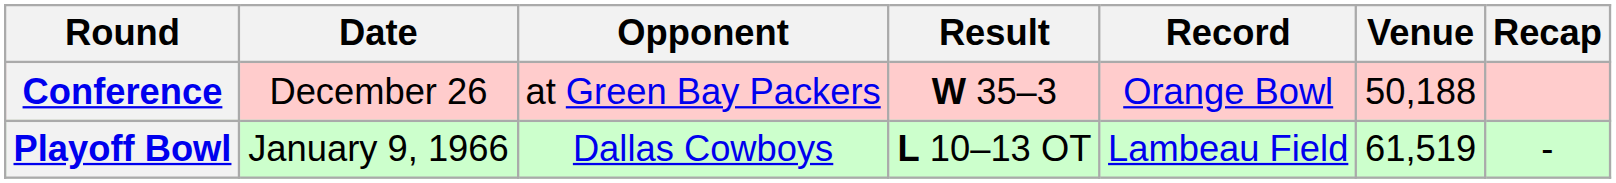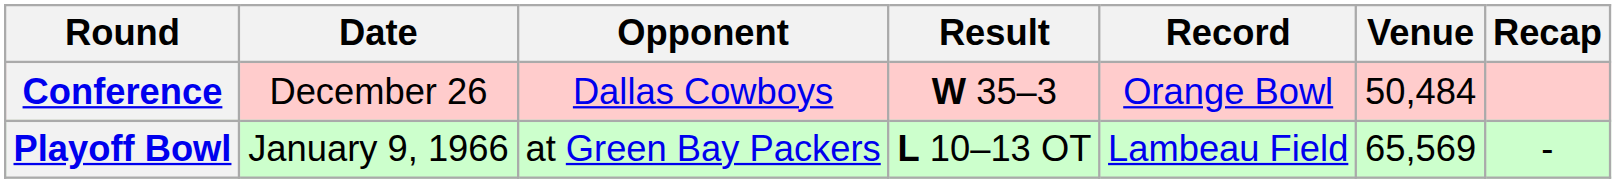 <table class="wikitable" style="text-align:center">
 <tr>
 <th>Round</th>
 <th>Date</th>
 <th>Opponent</th>
 <th>Result</th>
 <th>Record</th>
 <th>Venue</th>
 <th>Recap</th>
 </tr>
 <tr style="background:#fcc">
 <th><a href='#'>Conference</a></th>
 <td>December 26</td>
-<td>at <a href='#'>Green Bay Packers</a></td>
+<td><a href='#'>Dallas Cowboys</a></td>
 <td><strong>W</strong> 35–3</td>
 <td><a href='#'>Orange Bowl</a></td>
-<td>50,188</td>
+<td>50,484</td>
 <td></td>
 </tr>
 <tr style="background:#cfc">
 <th><a href='#'>Playoff Bowl</a></th>
 <td>January 9, 1966</td>
-<td><a href='#'>Dallas Cowboys</a></td>
+<td>at <a href='#'>Green Bay Packers</a></td>
 <td><strong>L</strong> 10–13 OT</td>
 <td><a href='#'>Lambeau Field</a></td>
-<td>61,519</td>
+<td>65,569</td>
 <td>-</td>
 </tr>
 </table>
